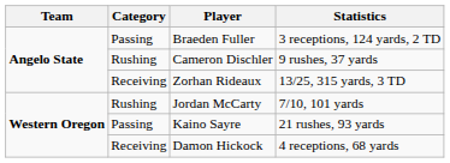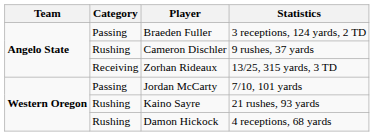 <table class="wikitable" style="float: right;">
 <tr>
 <th>Team</th>
 <th>Category</th>
 <th>Player</th>
 <th>Statistics</th>
 </tr>
 <tr>
 <td rowspan=3><strong>Angelo State</strong></td>
 <td>Passing</td>
 <td>Braeden Fuller</td>
 <td>3 receptions, 124 yards, 2 TD</td>
 </tr>
 <tr>
 <td>Rushing</td>
 <td>Cameron Dischler</td>
 <td>9 rushes, 37 yards</td>
 </tr>
 <tr>
 <td>Receiving</td>
 <td>Zorhan Rideaux</td>
 <td>13/25, 315 yards, 3 TD</td>
 </tr>
 <tr>
 <td rowspan=3><strong>Western Oregon</strong></td>
-<td>Rushing</td>
+<td>Passing</td>
 <td>Jordan McCarty</td>
 <td>7/10, 101 yards</td>
 </tr>
 <tr>
-<td>Passing</td>
+<td>Rushing</td>
 <td>Kaino Sayre</td>
 <td>21 rushes, 93 yards</td>
 </tr>
 <tr>
-<td>Receiving</td>
+<td>Rushing</td>
 <td>Damon Hickock</td>
 <td>4 receptions, 68 yards</td>
 </tr>
 </table>
